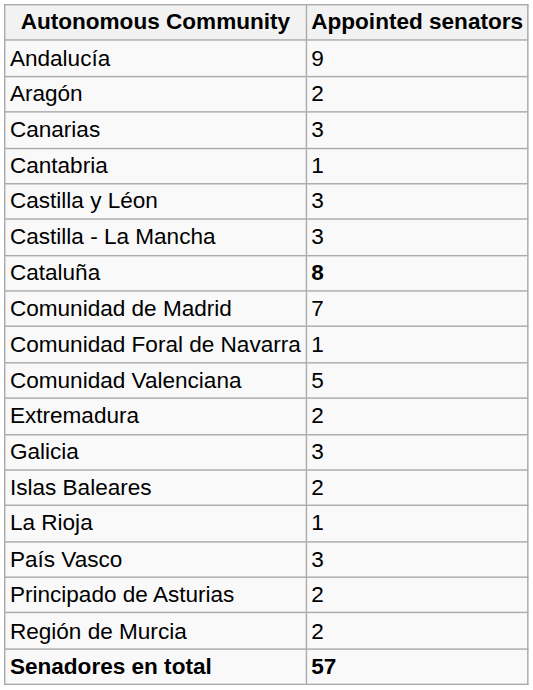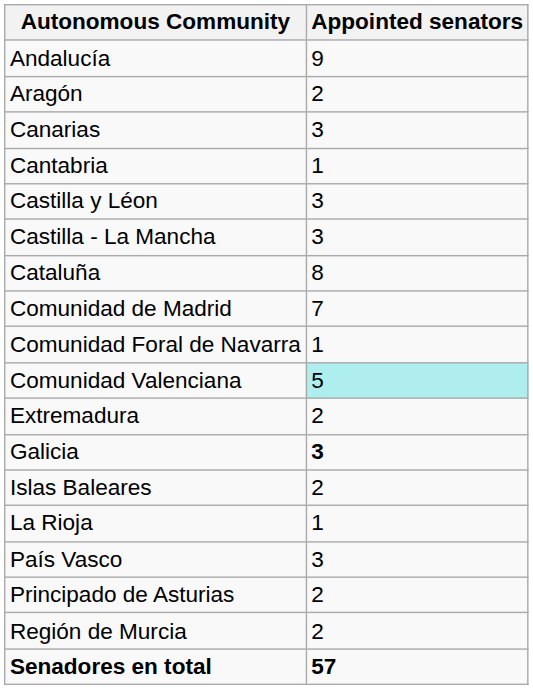 <table class="wikitable sortable">
 <tr>
 <th>Autonomous Community</th>
 <th>Appointed senators</th>
 </tr>
 <tr>
 <td>Andalucía</td>
 <td>9</td>
 </tr>
 <tr>
 <td>Aragón</td>
 <td>2</td>
 </tr>
 <tr>
 <td>Canarias</td>
 <td>3</td>
 </tr>
 <tr>
 <td>Cantabria</td>
 <td>1</td>
 </tr>
 <tr>
 <td>Castilla y Léon</td>
 <td>3</td>
 </tr>
 <tr>
 <td>Castilla - La Mancha</td>
 <td>3</td>
 </tr>
 <tr>
 <td>Cataluña</td>
-<td><strong>8</strong></td>
+<td>8</td>
 </tr>
 <tr>
 <td>Comunidad de Madrid</td>
 <td>7</td>
 </tr>
 <tr>
 <td>Comunidad Foral de Navarra</td>
 <td>1</td>
 </tr>
 <tr>
 <td>Comunidad Valenciana</td>
-<td>5</td>
+<td style="background: paleturquoise;">5</td>
 </tr>
 <tr>
 <td>Extremadura</td>
 <td>2</td>
 </tr>
 <tr>
 <td>Galicia</td>
-<td>3</td>
+<td><strong>3</strong></td>
 </tr>
 <tr>
 <td>Islas Baleares</td>
 <td>2</td>
 </tr>
 <tr>
 <td>La Rioja</td>
 <td>1</td>
 </tr>
 <tr>
 <td>País Vasco</td>
 <td>3</td>
 </tr>
 <tr>
 <td>Principado de Asturias</td>
 <td>2</td>
 </tr>
 <tr>
 <td>Región de Murcia</td>
 <td>2</td>
 </tr>
 <tr>
 <td><strong>Senadores en total</strong></td>
 <td><strong>57</strong></td>
 </tr>
 </table>
